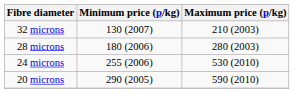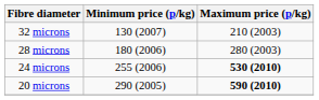 <table class="wikitable" style="text-align: center;">
 <tr bgcolor="#efefef">
 <th>Fibre diameter</th>
 <th>Minimum price (<a href='#'>p</a>/kg)</th>
 <th>Maximum price (<a href='#'>p</a>/kg)</th>
 </tr>
 <tr>
 <td>32 <a href='#'>microns</a></td>
 <td>130 (2007)</td>
 <td>210 (2003)</td>
 </tr>
 <tr>
 <td>28 <a href='#'>microns</a></td>
 <td>180 (2006)</td>
 <td>280 (2003)</td>
 </tr>
 <tr>
 <td>24 <a href='#'>microns</a></td>
 <td>255 (2006)</td>
-<td>530 (2010)</td>
+<td><strong>530 (2010)</strong></td>
 </tr>
 <tr>
 <td>20 <a href='#'>microns</a></td>
 <td>290 (2005)</td>
-<td>590 (2010)</td>
+<td><strong>590 (2010)</strong></td>
 </tr>
 <tr>
 </tr>
 </table>
